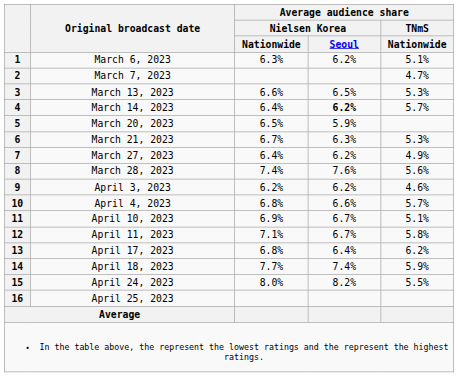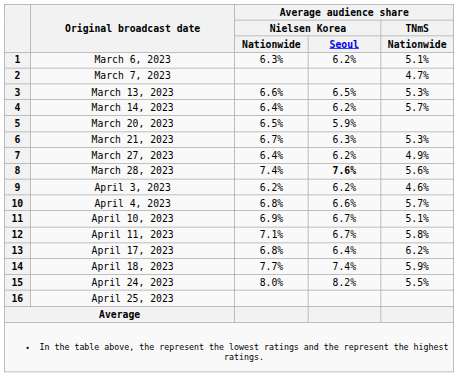 <table class="wikitable" style="text-align:center; max-width:600px; margin-left:auto; margin-right:auto">
 <tr>
 <th scope="col" rowspan="3"></th>
 <th scope="col" rowspan="3">Original broadcast date</th>
 <th scope="col" colspan="3">Average audience share</th>
 </tr>
 <tr>
 <th scope="col" colspan="2">Nielsen Korea</th>
 <th scope="col" colspan="1">TNmS</th>
 </tr>
 <tr>
 <th scope="col" style="width:7em">Nationwide</th>
 <th scope="col" style="width:7em"><a href='#'>Seoul</a></th>
 <th scope="col" style="width:7em">Nationwide</th>
 </tr>
 <tr>
 <th scope="col">1</th>
 <td>March 6, 2023</td>
 <td>6.3% </td>
 <td>6.2% </td>
 <td>5.1% </td>
 </tr>
 <tr>
 <th scope="col">2</th>
 <td>March 7, 2023</td>
 <td><strong></strong> </td>
 <td><strong></strong> </td>
 <td>4.7% </td>
 </tr>
 <tr>
 <th scope="col">3</th>
 <td>March 13, 2023</td>
 <td>6.6% </td>
 <td>6.5% </td>
 <td>5.3% </td>
 </tr>
 <tr>
 <th scope="col">4</th>
 <td>March 14, 2023</td>
 <td>6.4% </td>
-<td><strong>6.2% </strong></td>
+<td>6.2% </td>
 <td>5.7% </td>
 </tr>
 <tr>
 <th scope="col">5</th>
 <td>March 20, 2023</td>
 <td>6.5% </td>
 <td>5.9% </td>
 <td><strong></strong> </td>
 </tr>
 <tr>
 <th scope="col">6</th>
 <td>March 21, 2023</td>
 <td>6.7% </td>
 <td>6.3% </td>
 <td>5.3% </td>
 </tr>
 <tr>
 <th scope="col">7</th>
 <td>March 27, 2023</td>
 <td>6.4% </td>
 <td>6.2% </td>
 <td>4.9% </td>
 </tr>
 <tr>
 <th scope="col">8</th>
 <td>March 28, 2023</td>
 <td>7.4% </td>
-<td>7.6% </td>
+<td><strong>7.6% </strong></td>
 <td>5.6% </td>
 </tr>
 <tr>
 <th scope="col">9</th>
 <td>April 3, 2023</td>
 <td>6.2% </td>
 <td>6.2% </td>
 <td>4.6% </td>
 </tr>
 <tr>
 <th scope="col">10</th>
 <td>April 4, 2023</td>
 <td>6.8% </td>
 <td>6.6% </td>
 <td>5.7% </td>
 </tr>
 <tr>
 <th scope="col">11</th>
 <td>April 10, 2023</td>
 <td>6.9% </td>
 <td>6.7% </td>
 <td>5.1% </td>
 </tr>
 <tr>
 <th scope="col">12</th>
 <td>April 11, 2023</td>
 <td>7.1% </td>
 <td>6.7% </td>
 <td>5.8% </td>
 </tr>
 <tr>
 <th scope="col">13</th>
 <td>April 17, 2023</td>
 <td>6.8% </td>
 <td>6.4% </td>
 <td>6.2% </td>
 </tr>
 <tr>
 <th scope="col">14</th>
 <td>April 18, 2023</td>
 <td>7.7% </td>
 <td>7.4% </td>
 <td>5.9% </td>
 </tr>
 <tr>
 <th scope="col">15</th>
 <td>April 24, 2023</td>
 <td>8.0% </td>
 <td>8.2% </td>
 <td>5.5% </td>
 </tr>
 <tr>
 <th scope="col">16</th>
 <td>April 25, 2023</td>
 <td><strong></strong> </td>
 <td><strong></strong> </td>
 <td><strong></strong> </td>
 </tr>
 <tr>
 <th scope="col" colspan="2">Average</th>
 <th scope="col"></th>
 <th scope="col"></th>
 <th scope="col"></th>
 </tr>
 <tr>
 <td colspan="5" style="font-size:85%"><br><ul><li>In the table above, the <strong></strong> represent the lowest ratings and the <strong></strong> represent the highest ratings.</li></ul></td>
 </tr>
 </table>
